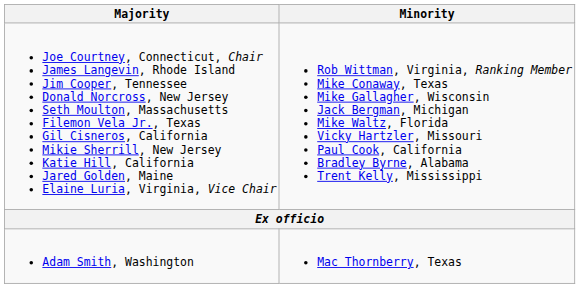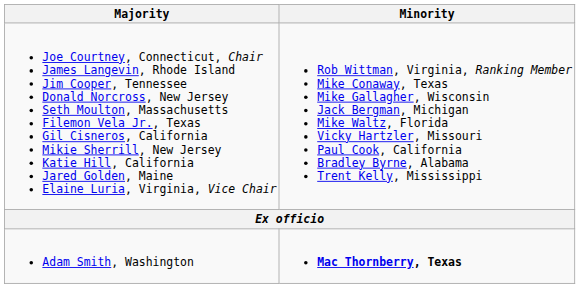 <table class=wikitable>
 <tr>
 <th>Majority</th>
 <th>Minority</th>
 </tr>
 <tr>
 <td><br><ul><li><a href='#'>Joe Courtney</a>, Connecticut, <em>Chair</em></li><li><a href='#'>James Langevin</a>, Rhode Island</li><li><a href='#'>Jim Cooper</a>, Tennessee</li><li><a href='#'>Donald Norcross</a>, New Jersey</li><li><a href='#'>Seth Moulton</a>, Massachusetts</li><li><a href='#'>Filemon Vela Jr.</a>, Texas</li><li><a href='#'>Gil Cisneros</a>, California</li><li><a href='#'>Mikie Sherrill</a>, New Jersey</li><li><a href='#'>Katie Hill</a>, California</li><li><a href='#'>Jared Golden</a>, Maine</li><li><a href='#'>Elaine Luria</a>, Virginia, <em>Vice Chair</em></li></ul></td>
 <td><br><ul><li><a href='#'>Rob Wittman</a>, Virginia, <em>Ranking Member</em></li><li><a href='#'>Mike Conaway</a>, Texas</li><li><a href='#'>Mike Gallagher</a>, Wisconsin</li><li><a href='#'>Jack Bergman</a>, Michigan</li><li><a href='#'>Mike Waltz</a>, Florida</li><li><a href='#'>Vicky Hartzler</a>, Missouri</li><li><a href='#'>Paul Cook</a>, California</li><li><a href='#'>Bradley Byrne</a>, Alabama</li><li><a href='#'>Trent Kelly</a>, Mississippi</li></ul></td>
 </tr>
 <tr>
 <th colspan=2><em>Ex officio</em></th>
 </tr>
 <tr>
 <td><br><ul><li><a href='#'>Adam Smith</a>, Washington</li></ul></td>
-<td><br><ul><li><a href='#'>Mac Thornberry</a>, Texas</li></ul></td>
+<td><strong><br><ul><li><a href='#'>Mac Thornberry</a>, Texas</li></ul></strong></td>
 </tr>
 </table>
